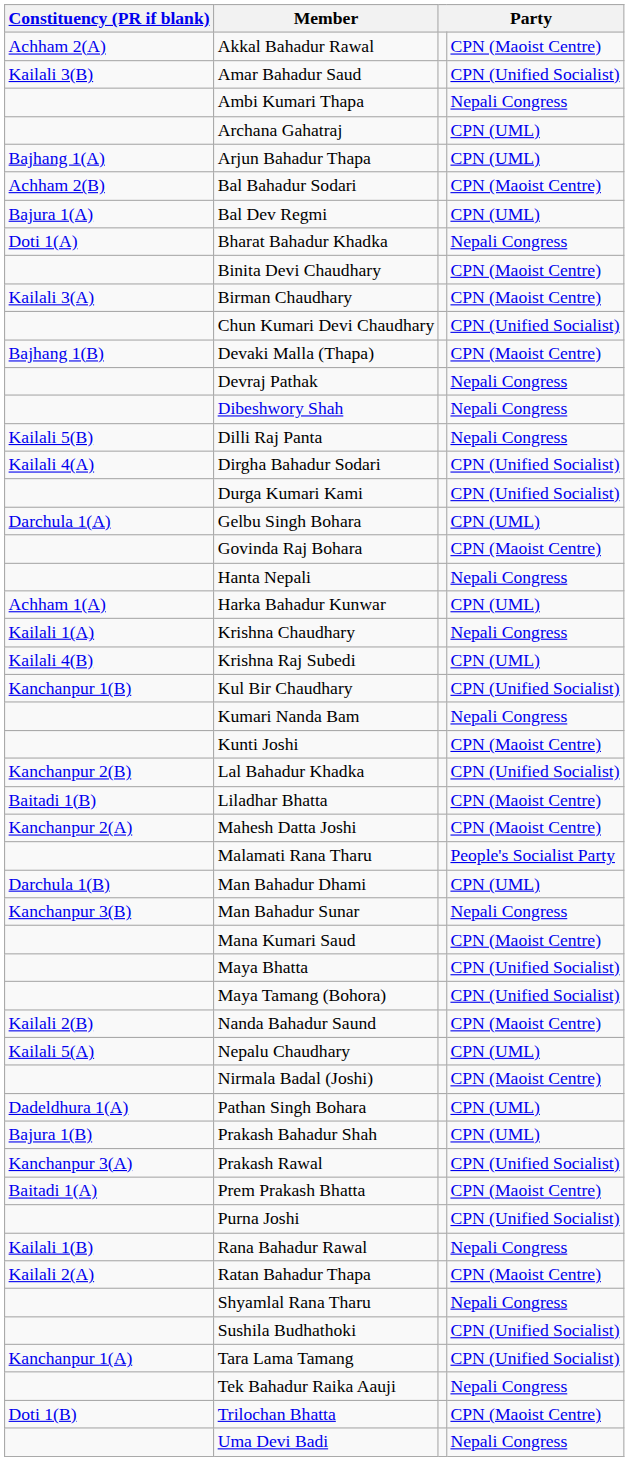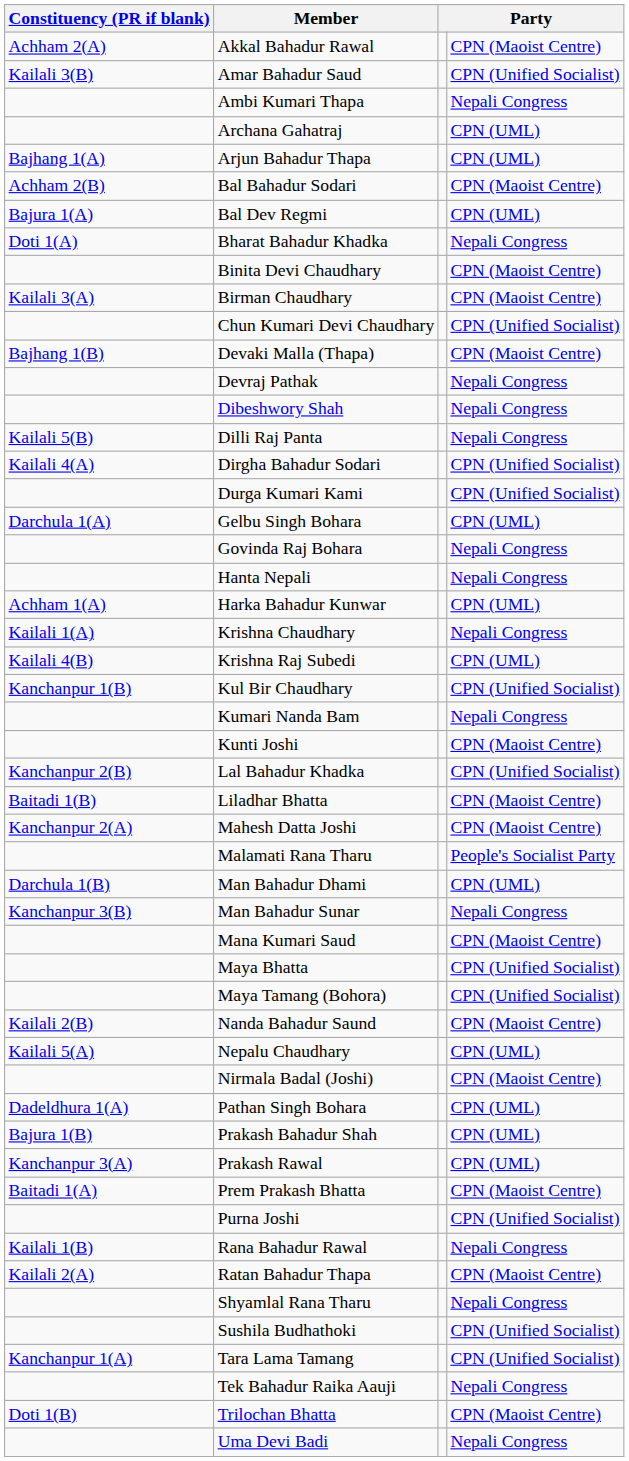 <table class="wikitable sortable">
 <tr>
 <th><a href='#'>Constituency (PR if blank)</a></th>
 <th>Member</th>
 <th colspan="2">Party</th>
 </tr>
 <tr>
 <td><a href='#'>Achham 2(A)</a></td>
 <td>Akkal Bahadur Rawal</td>
 <td></td>
 <td><a href='#'>CPN (Maoist Centre)</a></td>
 </tr>
 <tr>
 <td><a href='#'>Kailali 3(B)</a></td>
 <td>Amar Bahadur Saud</td>
 <td></td>
 <td><a href='#'>CPN (Unified Socialist)</a></td>
 </tr>
 <tr>
 <td></td>
 <td>Ambi Kumari Thapa</td>
 <td></td>
 <td><a href='#'>Nepali Congress</a></td>
 </tr>
 <tr>
 <td></td>
 <td>Archana Gahatraj</td>
 <td></td>
 <td><a href='#'>CPN (UML)</a></td>
 </tr>
 <tr>
 <td><a href='#'>Bajhang 1(A)</a></td>
 <td>Arjun Bahadur Thapa</td>
 <td></td>
 <td><a href='#'>CPN (UML)</a></td>
 </tr>
 <tr>
 <td><a href='#'>Achham 2(B)</a></td>
 <td>Bal Bahadur Sodari</td>
 <td></td>
 <td><a href='#'>CPN (Maoist Centre)</a></td>
 </tr>
 <tr>
 <td><a href='#'>Bajura 1(A)</a></td>
 <td>Bal Dev Regmi</td>
 <td></td>
 <td><a href='#'>CPN (UML)</a></td>
 </tr>
 <tr>
 <td><a href='#'>Doti 1(A)</a></td>
 <td>Bharat Bahadur Khadka</td>
 <td></td>
 <td><a href='#'>Nepali Congress</a></td>
 </tr>
 <tr>
 <td></td>
 <td>Binita Devi Chaudhary</td>
 <td></td>
 <td><a href='#'>CPN (Maoist Centre)</a></td>
 </tr>
 <tr>
 <td><a href='#'>Kailali 3(A)</a></td>
 <td>Birman Chaudhary</td>
 <td></td>
 <td><a href='#'>CPN (Maoist Centre)</a></td>
 </tr>
 <tr>
 <td></td>
 <td>Chun Kumari Devi Chaudhary</td>
 <td></td>
 <td><a href='#'>CPN (Unified Socialist)</a></td>
 </tr>
 <tr>
 <td><a href='#'>Bajhang 1(B)</a></td>
 <td>Devaki Malla (Thapa)</td>
 <td></td>
 <td><a href='#'>CPN (Maoist Centre)</a></td>
 </tr>
 <tr>
 <td></td>
 <td>Devraj Pathak</td>
 <td></td>
 <td><a href='#'>Nepali Congress</a></td>
 </tr>
 <tr>
 <td></td>
 <td><a href='#'>Dibeshwory Shah</a></td>
 <td></td>
 <td><a href='#'>Nepali Congress</a></td>
 </tr>
 <tr>
 <td><a href='#'>Kailali 5(B)</a></td>
 <td>Dilli Raj Panta</td>
 <td></td>
 <td><a href='#'>Nepali Congress</a></td>
 </tr>
 <tr>
 <td><a href='#'>Kailali 4(A)</a></td>
 <td>Dirgha Bahadur Sodari</td>
 <td></td>
 <td><a href='#'>CPN (Unified Socialist)</a></td>
 </tr>
 <tr>
 <td></td>
 <td>Durga Kumari Kami</td>
 <td></td>
 <td><a href='#'>CPN (Unified Socialist)</a></td>
 </tr>
 <tr>
 <td><a href='#'>Darchula 1(A)</a></td>
 <td>Gelbu Singh Bohara</td>
 <td></td>
 <td><a href='#'>CPN (UML)</a></td>
 </tr>
 <tr>
 <td></td>
 <td>Govinda Raj Bohara</td>
 <td></td>
-<td><a href='#'>CPN (Maoist Centre)</a></td>
+<td><a href='#'>Nepali Congress</a></td>
 </tr>
 <tr>
 <td></td>
 <td>Hanta Nepali</td>
 <td></td>
 <td><a href='#'>Nepali Congress</a></td>
 </tr>
 <tr>
 <td><a href='#'>Achham 1(A)</a></td>
 <td>Harka Bahadur Kunwar</td>
 <td></td>
 <td><a href='#'>CPN (UML)</a></td>
 </tr>
 <tr>
 <td><a href='#'>Kailali 1(A)</a></td>
 <td>Krishna Chaudhary</td>
 <td></td>
 <td><a href='#'>Nepali Congress</a></td>
 </tr>
 <tr>
 <td><a href='#'>Kailali 4(B)</a></td>
 <td>Krishna Raj Subedi</td>
 <td></td>
 <td><a href='#'>CPN (UML)</a></td>
 </tr>
 <tr>
 <td><a href='#'>Kanchanpur 1(B)</a></td>
 <td>Kul Bir Chaudhary</td>
 <td></td>
 <td><a href='#'>CPN (Unified Socialist)</a></td>
 </tr>
 <tr>
 <td></td>
 <td>Kumari Nanda Bam</td>
 <td></td>
 <td><a href='#'>Nepali Congress</a></td>
 </tr>
 <tr>
 <td></td>
 <td>Kunti Joshi</td>
 <td></td>
 <td><a href='#'>CPN (Maoist Centre)</a></td>
 </tr>
 <tr>
 <td><a href='#'>Kanchanpur 2(B)</a></td>
 <td>Lal Bahadur Khadka</td>
 <td></td>
 <td><a href='#'>CPN (Unified Socialist)</a></td>
 </tr>
 <tr>
 <td><a href='#'>Baitadi 1(B)</a></td>
 <td>Liladhar Bhatta</td>
 <td></td>
 <td><a href='#'>CPN (Maoist Centre)</a></td>
 </tr>
 <tr>
 <td><a href='#'>Kanchanpur 2(A)</a></td>
 <td>Mahesh Datta Joshi</td>
 <td></td>
 <td><a href='#'>CPN (Maoist Centre)</a></td>
 </tr>
 <tr>
 <td></td>
 <td>Malamati Rana Tharu</td>
 <td></td>
 <td><a href='#'>People's Socialist Party</a></td>
 </tr>
 <tr>
 <td><a href='#'>Darchula 1(B)</a></td>
 <td>Man Bahadur Dhami</td>
 <td></td>
 <td><a href='#'>CPN (UML)</a></td>
 </tr>
 <tr>
 <td><a href='#'>Kanchanpur 3(B)</a></td>
 <td>Man Bahadur Sunar</td>
 <td></td>
 <td><a href='#'>Nepali Congress</a></td>
 </tr>
 <tr>
 <td></td>
 <td>Mana Kumari Saud</td>
 <td></td>
 <td><a href='#'>CPN (Maoist Centre)</a></td>
 </tr>
 <tr>
 <td></td>
 <td>Maya Bhatta</td>
 <td></td>
 <td><a href='#'>CPN (Unified Socialist)</a></td>
 </tr>
 <tr>
 <td></td>
 <td>Maya Tamang (Bohora)</td>
 <td></td>
 <td><a href='#'>CPN (Unified Socialist)</a></td>
 </tr>
 <tr>
 <td><a href='#'>Kailali 2(B)</a></td>
 <td>Nanda Bahadur Saund</td>
 <td></td>
 <td><a href='#'>CPN (Maoist Centre)</a></td>
 </tr>
 <tr>
 <td><a href='#'>Kailali 5(A)</a></td>
 <td>Nepalu Chaudhary</td>
 <td></td>
 <td><a href='#'>CPN (UML)</a></td>
 </tr>
 <tr>
 <td></td>
 <td>Nirmala Badal (Joshi)</td>
 <td></td>
 <td><a href='#'>CPN (Maoist Centre)</a></td>
 </tr>
 <tr>
 <td><a href='#'>Dadeldhura 1(A)</a></td>
 <td>Pathan Singh Bohara</td>
 <td></td>
 <td><a href='#'>CPN (UML)</a></td>
 </tr>
 <tr>
 <td><a href='#'>Bajura 1(B)</a></td>
 <td>Prakash Bahadur Shah</td>
 <td></td>
 <td><a href='#'>CPN (UML)</a></td>
 </tr>
 <tr>
 <td><a href='#'>Kanchanpur 3(A)</a></td>
 <td>Prakash Rawal</td>
 <td></td>
-<td><a href='#'>CPN (Unified Socialist)</a></td>
+<td><a href='#'>CPN (UML)</a></td>
 </tr>
 <tr>
 <td><a href='#'>Baitadi 1(A)</a></td>
 <td>Prem Prakash Bhatta</td>
 <td></td>
 <td><a href='#'>CPN (Maoist Centre)</a></td>
 </tr>
 <tr>
 <td></td>
 <td>Purna Joshi</td>
 <td></td>
 <td><a href='#'>CPN (Unified Socialist)</a></td>
 </tr>
 <tr>
 <td><a href='#'>Kailali 1(B)</a></td>
 <td>Rana Bahadur Rawal</td>
 <td></td>
 <td><a href='#'>Nepali Congress</a></td>
 </tr>
 <tr>
 <td><a href='#'>Kailali 2(A)</a></td>
 <td>Ratan Bahadur Thapa</td>
 <td></td>
 <td><a href='#'>CPN (Maoist Centre)</a></td>
 </tr>
 <tr>
 <td></td>
 <td>Shyamlal Rana Tharu</td>
 <td></td>
 <td><a href='#'>Nepali Congress</a></td>
 </tr>
 <tr>
 <td></td>
 <td>Sushila Budhathoki</td>
 <td></td>
 <td><a href='#'>CPN (Unified Socialist)</a></td>
 </tr>
 <tr>
 <td><a href='#'>Kanchanpur 1(A)</a></td>
 <td>Tara Lama Tamang</td>
 <td></td>
 <td><a href='#'>CPN (Unified Socialist)</a></td>
 </tr>
 <tr>
 <td></td>
 <td>Tek Bahadur Raika Aauji</td>
 <td></td>
 <td><a href='#'>Nepali Congress</a></td>
 </tr>
 <tr>
 <td><a href='#'>Doti 1(B)</a></td>
 <td><a href='#'>Trilochan Bhatta</a></td>
 <td></td>
 <td><a href='#'>CPN (Maoist Centre)</a></td>
 </tr>
 <tr>
 <td></td>
 <td><a href='#'>Uma Devi Badi</a></td>
 <td></td>
 <td><a href='#'>Nepali Congress</a></td>
 </tr>
 </table>
